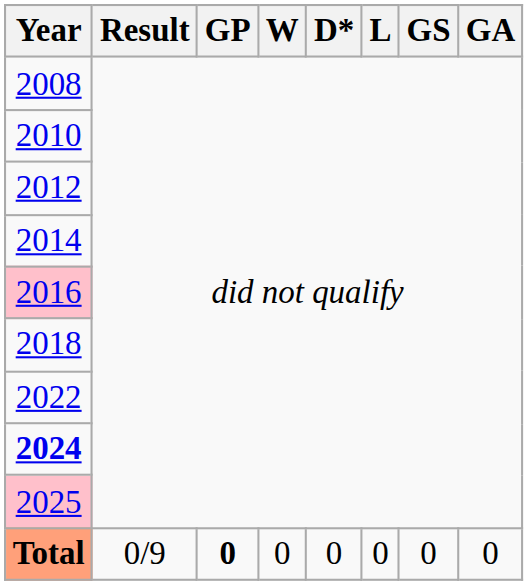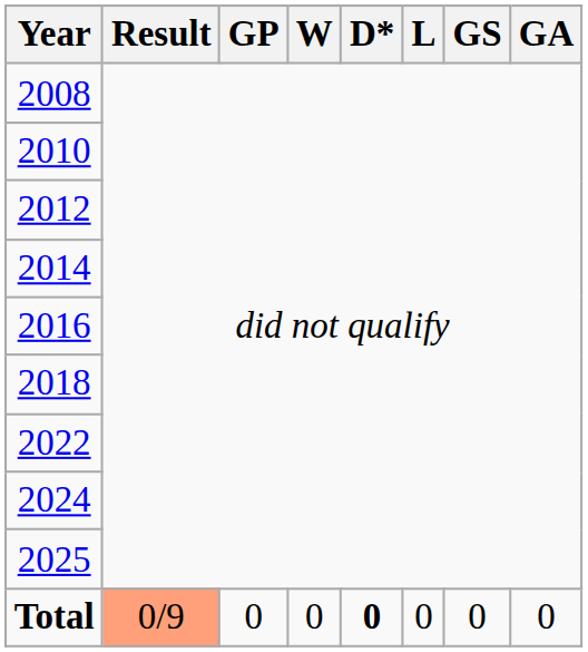 <table class="wikitable" style="text-align: center;">
 <tr>
 <th>Year</th>
 <th>Result</th>
 <th>GP</th>
 <th>W</th>
 <th>D*</th>
 <th>L</th>
 <th>GS</th>
 <th>GA</th>
 </tr>
 <tr>
 <td> <a href='#'>2008</a></td>
 <td rowspan=9 colspan=8><em>did not qualify</em></td>
 </tr>
 <tr>
 <td> <a href='#'>2010</a></td>
 </tr>
 <tr>
 <td> <a href='#'>2012</a></td>
 </tr>
 <tr>
 <td> <a href='#'>2014</a></td>
 </tr>
 <tr>
-<td style="background: pink;"> <a href='#'>2016</a></td>
+<td> <a href='#'>2016</a></td>
 </tr>
 <tr>
 <td> <a href='#'>2018</a></td>
 </tr>
 <tr>
 <td> <a href='#'>2022</a></td>
 </tr>
 <tr>
-<td><strong> <a href='#'>2024</a></strong></td>
+<td> <a href='#'>2024</a></td>
 </tr>
 <tr>
-<td style="background: pink;"> <a href='#'>2025</a></td>
+<td> <a href='#'>2025</a></td>
 </tr>
 <tr>
-<td style="background: lightsalmon;"><strong>Total</strong></td>
-<td>0/9</td>
-<td><strong>0</strong></td>
+<td><strong>Total</strong></td>
+<td style="background: lightsalmon;">0/9</td>
 <td>0</td>
 <td>0</td>
+<td><strong>0</strong></td>
 <td>0</td>
 <td>0</td>
 <td>0</td>
 </tr>
 </table>
